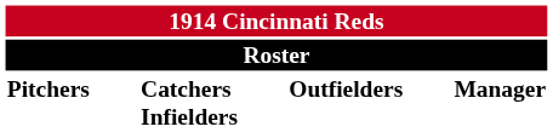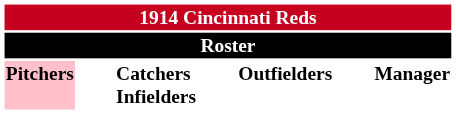 <table class="toccolours" style="font-size: 95%;">
 <tr>
 <th colspan="10" style="background:#c6011f; color:white; text-align:center;">1914 Cincinnati Reds</th>
 </tr>
 <tr>
 <td colspan="10" style="background:black; color:white; text-align:center;"><strong>Roster</strong></td>
 </tr>
 <tr>
-<td valign="top"><strong>Pitchers</strong><br>              </td>
+<td valign="top" style="background: pink;"><strong>Pitchers</strong><br>              </td>
 <td style="width:25px;"></td>
 <td valign="top"><strong>Catchers</strong><br>    <strong>Infielders</strong>          </td>
 <td style="width:25px;"></td>
 <td valign="top"><strong>Outfielders</strong><br>            </td>
 <td style="width:25px;"></td>
 <td valign="top"><strong>Manager</strong><br></td>
 </tr>
 </table>
